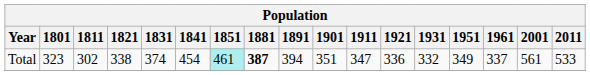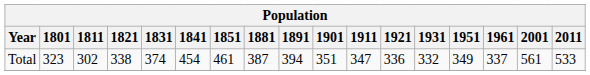 <table class="wikitable" style="margin: 1em auto 1em auto;">
 <tr>
 <th colspan="17">Population</th>
 </tr>
 <tr>
 <th>Year</th>
 <th>1801</th>
 <th>1811</th>
 <th>1821</th>
 <th>1831</th>
 <th>1841</th>
 <th>1851</th>
 <th>1881</th>
 <th>1891</th>
 <th>1901</th>
 <th>1911</th>
 <th>1921</th>
 <th>1931</th>
 <th>1951</th>
 <th>1961</th>
 <th>2001</th>
 <th>2011</th>
 </tr>
 <tr>
 <td>Total</td>
 <td>323</td>
 <td>302</td>
 <td>338</td>
 <td>374</td>
 <td>454</td>
-<td style="background: paleturquoise;">461</td>
-<td><strong>387</strong></td>
+<td>461</td>
+<td>387</td>
 <td>394</td>
 <td>351</td>
 <td>347</td>
 <td>336</td>
 <td>332</td>
 <td>349</td>
 <td>337</td>
 <td>561</td>
 <td>533</td>
 </tr>
 <tr>
 </tr>
 </table>
